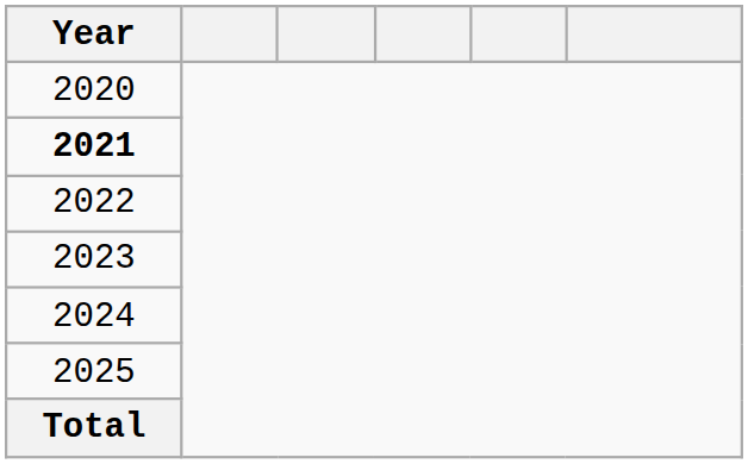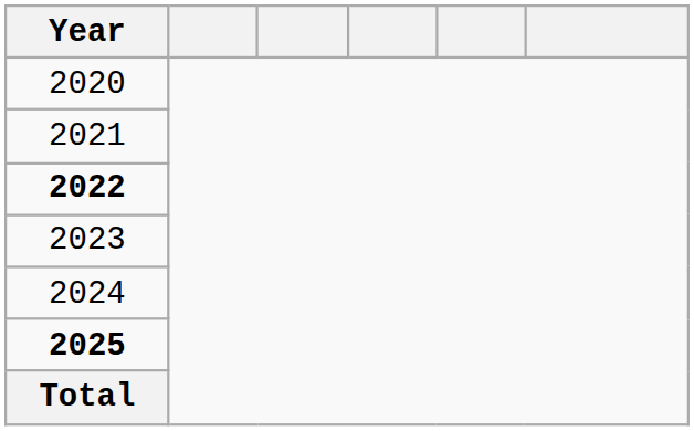 <table class="wikitable" style="text-align: center">
 <tr>
 <th width="60">Year</th>
 <th width="30"></th>
 <th width="30"></th>
 <th width="30"></th>
 <th width="30"></th>
 <th width="60"></th>
 </tr>
 <tr>
 <td>2020<br></td>
 </tr>
 <tr>
-<td><strong>2021<br></strong></td>
+<td>2021<br></td>
 </tr>
 <tr>
-<td>2022<br></td>
+<td><strong>2022<br></strong></td>
 </tr>
 <tr>
 <td>2023<br></td>
 </tr>
 <tr>
 <td>2024<br></td>
 </tr>
 <tr>
-<td>2025<br></td>
+<td><strong>2025<br></strong></td>
 </tr>
 <tr>
 <th>Total<br></th>
 </tr>
 </table>
